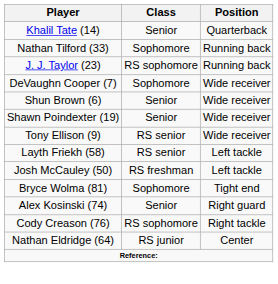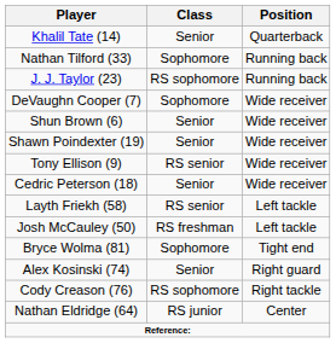 <table class="wikitable" style="text-align: center">
 <tr align=center>
 <th>Player</th>
 <th>Class</th>
 <th>Position</th>
 </tr>
 <tr>
 <td><a href='#'>Khalil Tate</a> (14)</td>
 <td>Senior</td>
 <td>Quarterback</td>
 </tr>
 <tr>
 <td>Nathan Tilford (33)</td>
 <td>Sophomore</td>
 <td>Running back</td>
 </tr>
 <tr>
 <td><a href='#'>J. J. Taylor</a> (23)</td>
 <td>RS sophomore</td>
 <td>Running back</td>
 </tr>
 <tr>
 <td>DeVaughn Cooper (7)</td>
 <td>Sophomore</td>
 <td>Wide receiver</td>
 </tr>
 <tr>
 <td>Shun Brown (6)</td>
 <td>Senior</td>
 <td>Wide receiver</td>
 </tr>
 <tr>
 <td>Shawn Poindexter (19)</td>
 <td>Senior</td>
 <td>Wide receiver</td>
 </tr>
 <tr>
 <td>Tony Ellison (9)</td>
 <td>RS senior</td>
 <td>Wide receiver</td>
 </tr>
 <tr>
+<td>Cedric Peterson (18)</td>
+<td>Senior</td>
+<td>Wide receiver</td>
+</tr>
+<tr>
 <td>Layth Friekh (58)</td>
 <td>RS senior</td>
 <td>Left tackle</td>
 </tr>
 <tr>
 <td>Josh McCauley (50)</td>
 <td>RS freshman</td>
 <td>Left tackle</td>
 </tr>
 <tr>
 <td>Bryce Wolma (81)</td>
 <td>Sophomore</td>
 <td>Tight end</td>
 </tr>
 <tr>
 <td>Alex Kosinski (74)</td>
 <td>Senior</td>
 <td>Right guard</td>
 </tr>
 <tr>
 <td>Cody Creason (76)</td>
 <td>RS sophomore</td>
 <td>Right tackle</td>
 </tr>
 <tr>
 <td>Nathan Eldridge (64)</td>
 <td>RS junior</td>
 <td>Center</td>
 </tr>
 <tr>
 <td colspan="3"  style="font-size:8pt; text-align:center;"><strong>Reference:</strong></td>
 </tr>
 </table>
